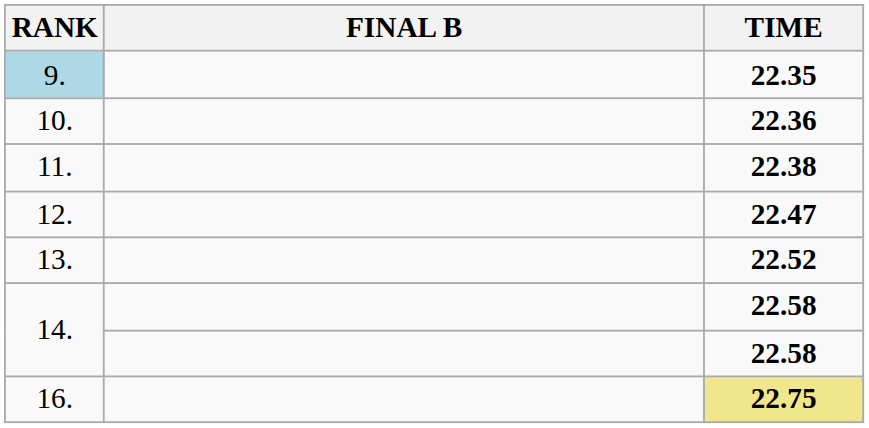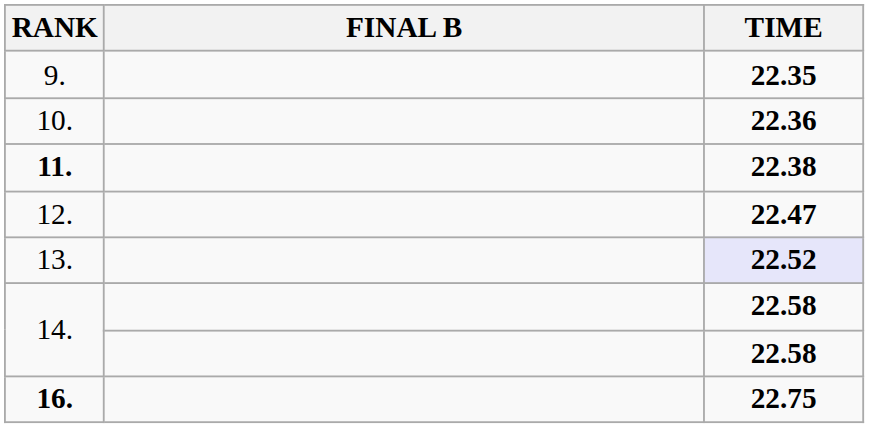 <table class="wikitable">
 <tr>
 <th>RANK</th>
 <th style="width: 20em">FINAL B</th>
 <th style="width: 5em">TIME</th>
 </tr>
 <tr>
-<td align="center" style="background: lightblue;">9.</td>
+<td align="center">9.</td>
 <td></td>
 <td align="center"><strong>22.35</strong></td>
 </tr>
 <tr>
 <td align="center">10.</td>
 <td></td>
 <td align="center"><strong>22.36</strong></td>
 </tr>
 <tr>
-<td align="center">11.</td>
+<td align="center"><strong>11.</strong></td>
 <td></td>
 <td align="center"><strong>22.38</strong></td>
 </tr>
 <tr>
 <td align="center">12.</td>
 <td></td>
 <td align="center"><strong>22.47</strong></td>
 </tr>
 <tr>
 <td align="center">13.</td>
 <td></td>
-<td align="center"><strong>22.52</strong></td>
+<td align="center" style="background: lavender;"><strong>22.52</strong></td>
 </tr>
 <tr>
 <td rowspan=2 align="center">14.</td>
 <td></td>
 <td align="center"><strong>22.58</strong></td>
 </tr>
 <tr>
 <td></td>
 <td align="center"><strong>22.58</strong></td>
 </tr>
 <tr>
-<td align="center">16.</td>
+<td align="center"><strong>16.</strong></td>
 <td></td>
-<td align="center" style="background: khaki;"><strong>22.75</strong></td>
+<td align="center"><strong>22.75</strong></td>
 </tr>
 </table>
